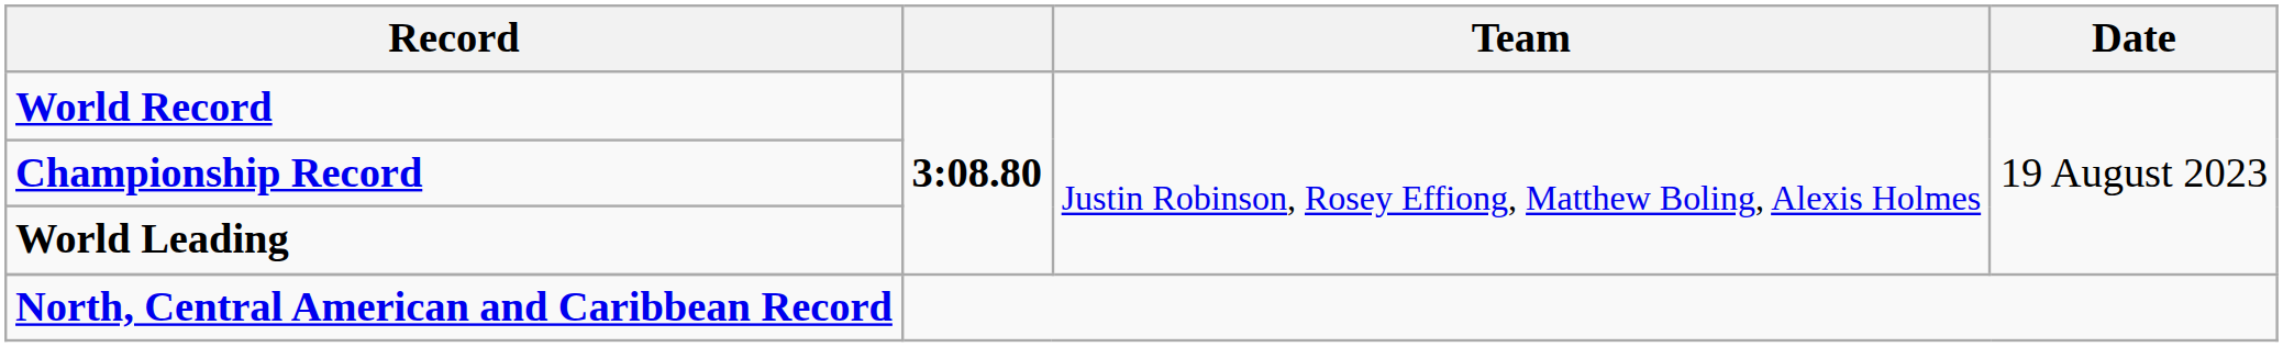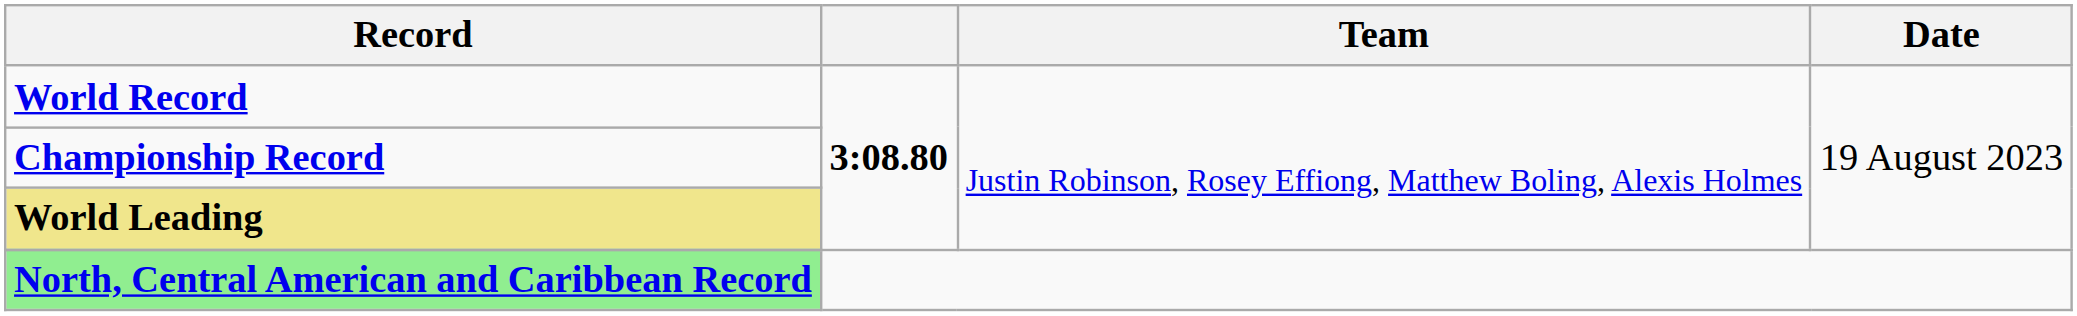 <table class="wikitable">
 <tr>
 <th>Record</th>
 <th></th>
 <th>Team</th>
 <th>Date</th>
 </tr>
 <tr>
 <td><strong><a href='#'>World Record</a></strong></td>
 <td rowspan=4><strong>3:08.80</strong></td>
 <td rowspan=4><br><small><a href='#'>Justin Robinson</a>, <a href='#'>Rosey Effiong</a>, <a href='#'>Matthew Boling</a>, <a href='#'>Alexis Holmes</a> </small></td>
 <td rowspan=4>19 August 2023</td>
 </tr>
 <tr>
 <td><strong><a href='#'>Championship Record</a></strong></td>
 </tr>
 <tr>
-<td><strong>World Leading</strong></td>
+<td style="background: khaki;"><strong>World Leading</strong></td>
 </tr>
 <tr>
 </tr>
 <tr>
-<td><strong><a href='#'>North, Central American and Caribbean Record</a></strong></td>
+<td style="background: lightgreen;"><strong><a href='#'>North, Central American and Caribbean Record</a></strong></td>
 </tr>
 </table>
